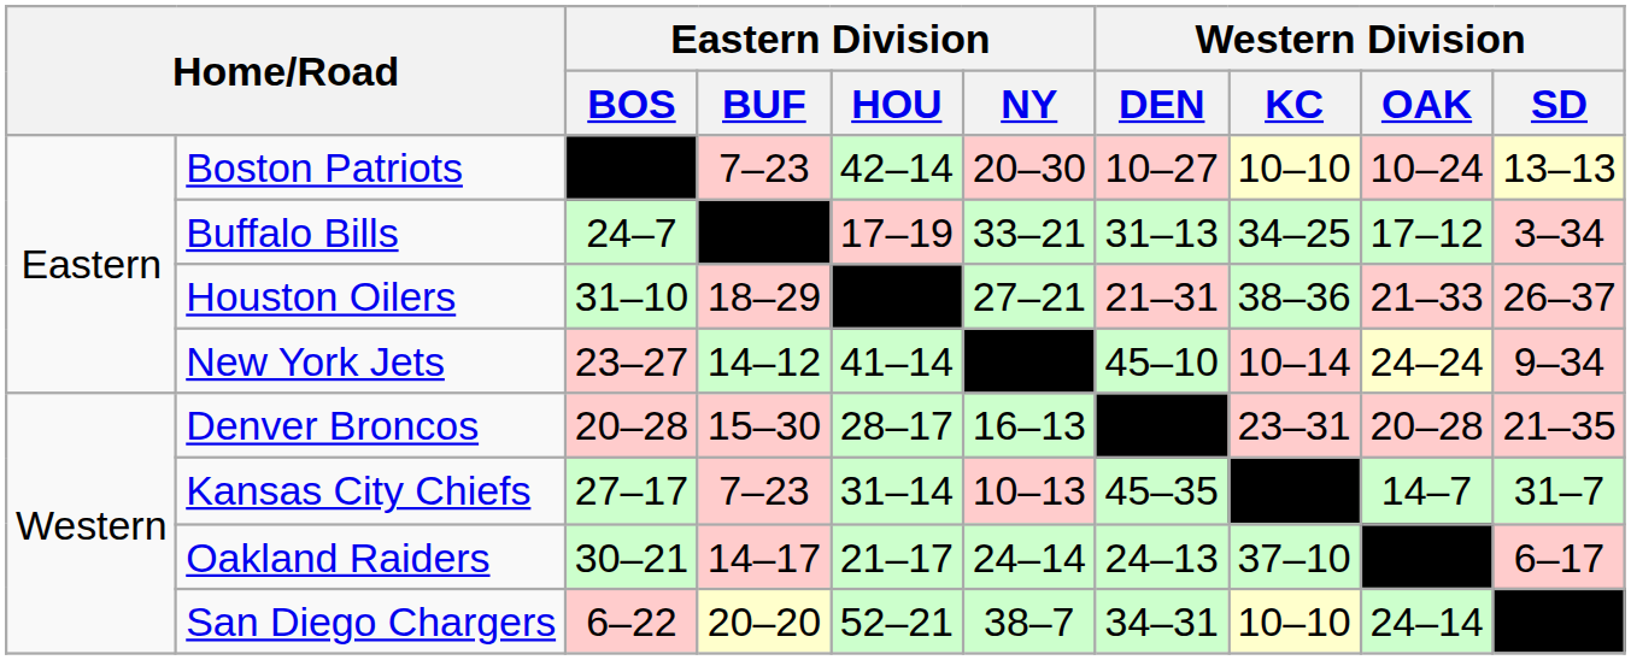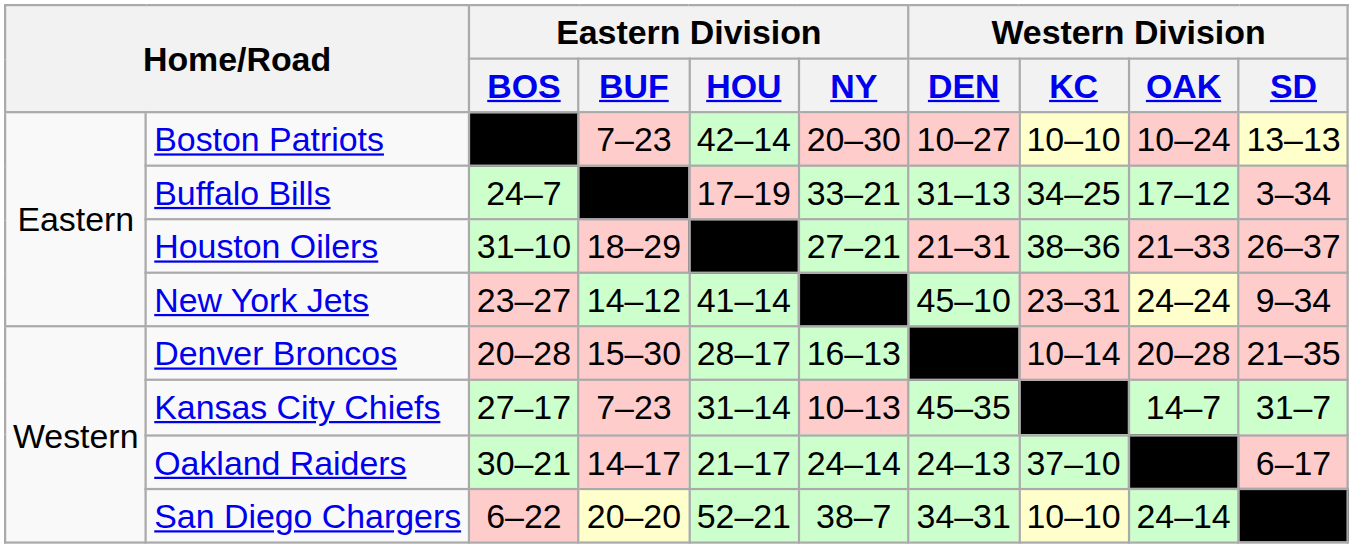 <table class="wikitable" style="font-size:95%; text-align:center">
 <tr>
 <th colspan="2" rowspan=2>Home/Road</th>
 <th colspan="4">Eastern Division</th>
 <th colspan="4">Western Division</th>
 </tr>
 <tr>
 <th><a href='#'>BOS</a></th>
 <th><a href='#'>BUF</a></th>
 <th><a href='#'>HOU</a></th>
 <th><a href='#'>NY</a></th>
 <th><a href='#'>DEN</a></th>
 <th><a href='#'>KC</a></th>
 <th><a href='#'>OAK</a></th>
 <th><a href='#'>SD</a></th>
 </tr>
 <tr>
 <td rowspan="4">Eastern</td>
 <td align="left"><a href='#'>Boston Patriots</a></td>
 <td style="background:#000"></td>
 <td style="background:#fcc">7–23</td>
 <td style="background:#cfc">42–14</td>
 <td style="background:#fcc">20–30</td>
 <td style="background:#fcc">10–27</td>
 <td style="background:#ffc">10–10</td>
 <td style="background:#fcc">10–24</td>
 <td style="background:#ffc">13–13</td>
 </tr>
 <tr>
 <td align="left"><a href='#'>Buffalo Bills</a></td>
 <td style="background:#cfc">24–7</td>
 <td style="background:#000"></td>
 <td style="background:#fcc">17–19</td>
 <td style="background:#cfc">33–21</td>
 <td style="background:#cfc">31–13</td>
 <td style="background:#cfc">34–25</td>
 <td style="background:#cfc">17–12</td>
 <td style="background:#fcc">3–34</td>
 </tr>
 <tr>
 <td align="left"><a href='#'>Houston Oilers</a></td>
 <td style="background:#cfc">31–10</td>
 <td style="background:#fcc">18–29</td>
 <td style="background:#000"></td>
 <td style="background:#cfc">27–21</td>
 <td style="background:#fcc">21–31</td>
 <td style="background:#cfc">38–36</td>
 <td style="background:#fcc">21–33</td>
 <td style="background:#fcc">26–37</td>
 </tr>
 <tr>
 <td align="left"><a href='#'>New York Jets</a></td>
 <td style="background:#fcc">23–27</td>
 <td style="background:#cfc">14–12</td>
 <td style="background:#cfc">41–14</td>
 <td style="background:#000"></td>
 <td style="background:#cfc">45–10</td>
-<td style="background:#fcc">10–14</td>
+<td style="background:#fcc">23–31</td>
 <td style="background:#ffc">24–24</td>
 <td style="background:#fcc">9–34</td>
 </tr>
 <tr>
 <td rowspan="4">Western</td>
 <td align="left"><a href='#'>Denver Broncos</a></td>
 <td style="background:#fcc">20–28</td>
 <td style="background:#fcc">15–30</td>
 <td style="background:#cfc">28–17</td>
 <td style="background:#cfc">16–13</td>
 <td style="background:#000"></td>
-<td style="background:#fcc">23–31</td>
+<td style="background:#fcc">10–14</td>
 <td style="background:#fcc">20–28</td>
 <td style="background:#fcc">21–35</td>
 </tr>
 <tr>
 <td align="left"><a href='#'>Kansas City Chiefs</a></td>
 <td style="background:#cfc">27–17</td>
 <td style="background:#fcc">7–23</td>
 <td style="background:#cfc">31–14</td>
 <td style="background:#fcc">10–13</td>
 <td style="background:#cfc">45–35</td>
 <td style="background:#000"></td>
 <td style="background:#cfc">14–7</td>
 <td style="background:#cfc">31–7</td>
 </tr>
 <tr>
 <td align="left"><a href='#'>Oakland Raiders</a></td>
 <td style="background:#cfc">30–21</td>
 <td style="background:#fcc">14–17</td>
 <td style="background:#cfc">21–17</td>
 <td style="background:#cfc">24–14</td>
 <td style="background:#cfc">24–13</td>
 <td style="background:#cfc">37–10</td>
 <td style="background:#000"></td>
 <td style="background:#fcc">6–17</td>
 </tr>
 <tr>
 <td align="left"><a href='#'>San Diego Chargers</a></td>
 <td style="background:#fcc">6–22</td>
 <td style="background:#ffc">20–20</td>
 <td style="background:#cfc">52–21</td>
 <td style="background:#cfc">38–7</td>
 <td style="background:#cfc">34–31</td>
 <td style="background:#ffc">10–10</td>
 <td style="background:#cfc">24–14</td>
 <td style="background:#000"></td>
 </tr>
 </table>
